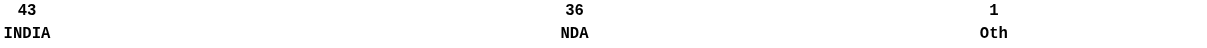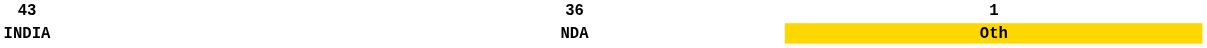 <table style="width:100%; text-align:center;">
 <tr>
 <td><strong>43</strong></td>
 <td><strong>36</strong></td>
 <td><span><strong>1</strong></span></td>
 </tr>
 <tr>
 <td><span><strong>INDIA</strong></span></td>
 <td><span><strong>NDA</strong></span></td>
-<td><span><strong>Oth</strong></span></td>
+<td style="background: gold;"><span><strong>Oth</strong></span></td>
 </tr>
 </table>
